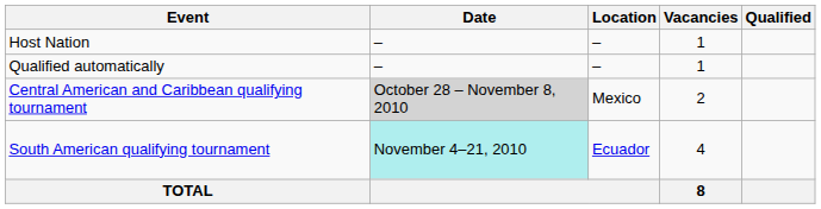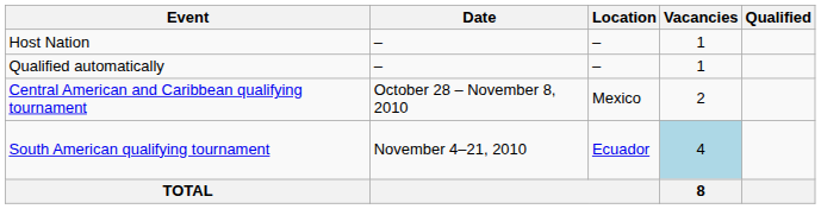 <table class="wikitable" width=840>
 <tr>
 <th>Event</th>
 <th>Date</th>
 <th>Location</th>
 <th>Vacancies</th>
 <th>Qualified</th>
 </tr>
 <tr>
 <td>Host Nation</td>
 <td>–</td>
 <td>–</td>
 <td align=center>1</td>
 <td></td>
 </tr>
 <tr>
 <td>Qualified automatically</td>
 <td>–</td>
 <td>–</td>
 <td align=center>1</td>
 <td></td>
 </tr>
 <tr>
 <td><a href='#'>Central American and Caribbean qualifying tournament</a></td>
-<td style="background: lightgrey;">October 28 – November 8, 2010</td>
+<td>October 28 – November 8, 2010</td>
 <td> Mexico</td>
 <td align=center>2</td>
 <td> <br></td>
 </tr>
 <tr>
 <td><a href='#'>South American qualifying tournament</a></td>
-<td style="background: paleturquoise;">November 4–21, 2010</td>
+<td>November 4–21, 2010</td>
 <td> <a href='#'>Ecuador</a></td>
-<td align=center>4</td>
+<td align=center style="background: lightblue;">4</td>
 <td> <br> <br>  <br> </td>
 </tr>
 <tr>
 <th>TOTAL</th>
 <th colspan="2"></th>
 <th>8</th>
 <th></th>
 </tr>
 </table>
